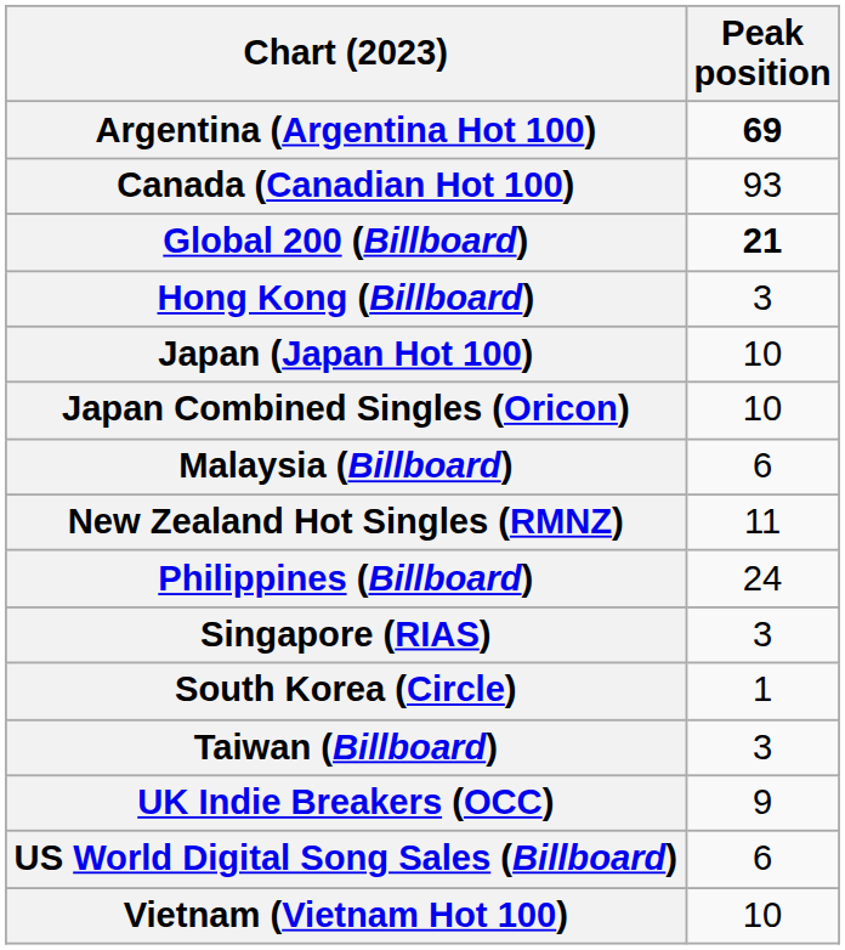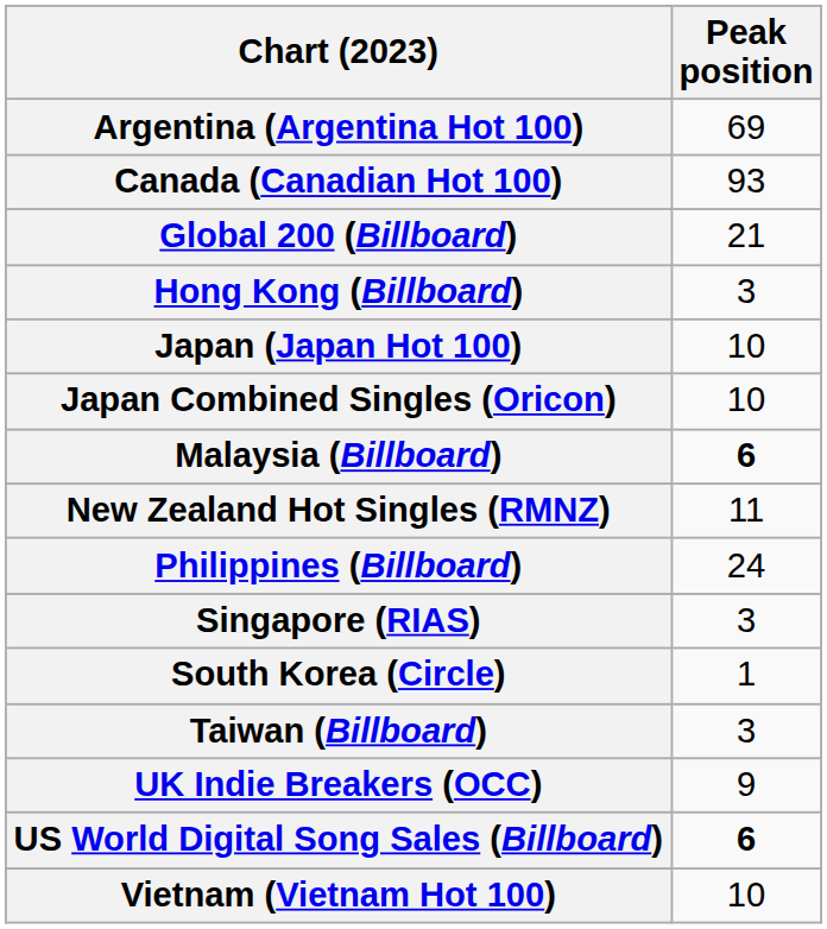 <table class="wikitable sortable plainrowheaders" style="text-align:center">
 <tr>
 <th scope="col">Chart (2023)</th>
 <th scope="col">Peak<br>position</th>
 </tr>
 <tr>
 <th scope="row">Argentina (<a href='#'>Argentina Hot 100</a>)</th>
-<td><strong>69</strong></td>
+<td>69</td>
 </tr>
 <tr>
 <th scope="row">Canada (<a href='#'>Canadian Hot 100</a>)</th>
 <td>93</td>
 </tr>
 <tr>
 <th scope="row"><a href='#'>Global 200</a> (<em><a href='#'>Billboard</a></em>)</th>
-<td><strong>21</strong></td>
+<td>21</td>
 </tr>
 <tr>
 <th scope="row"><a href='#'>Hong Kong</a> (<em><a href='#'>Billboard</a></em>)</th>
 <td>3</td>
 </tr>
 <tr>
 <th scope="row">Japan (<a href='#'>Japan Hot 100</a>)</th>
 <td>10</td>
 </tr>
 <tr>
 <th scope="row">Japan Combined Singles (<a href='#'>Oricon</a>)</th>
 <td>10</td>
 </tr>
 <tr>
 <th scope="row">Malaysia (<em><a href='#'>Billboard</a></em>)</th>
-<td>6</td>
+<td><strong>6</strong></td>
 </tr>
 <tr>
 <th scope="row">New Zealand Hot Singles (<a href='#'>RMNZ</a>)</th>
 <td>11</td>
 </tr>
 <tr>
 <th scope="row"><a href='#'>Philippines</a> (<em><a href='#'>Billboard</a></em>)</th>
 <td>24</td>
 </tr>
 <tr>
 <th scope="row">Singapore (<a href='#'>RIAS</a>)</th>
 <td>3</td>
 </tr>
 <tr>
 <th scope="row">South Korea (<a href='#'>Circle</a>)</th>
 <td>1</td>
 </tr>
 <tr>
 <th scope="row">Taiwan (<em><a href='#'>Billboard</a></em>)</th>
 <td>3</td>
 </tr>
 <tr>
 <th scope="row"><a href='#'>UK Indie Breakers</a> (<a href='#'>OCC</a>)</th>
 <td>9</td>
 </tr>
 <tr>
 <th scope="row">US <a href='#'>World Digital Song Sales</a> (<em><a href='#'>Billboard</a></em>)</th>
-<td>6</td>
+<td><strong>6</strong></td>
 </tr>
 <tr>
 <th scope="row">Vietnam (<a href='#'>Vietnam Hot 100</a>)</th>
 <td>10</td>
 </tr>
 </table>
